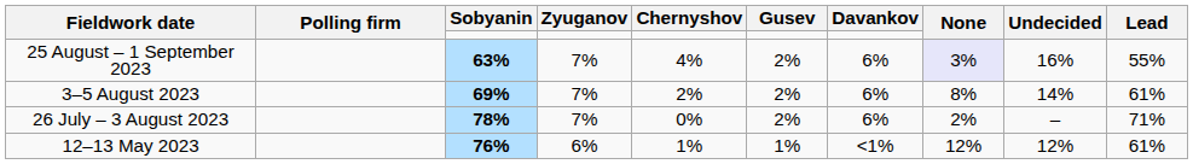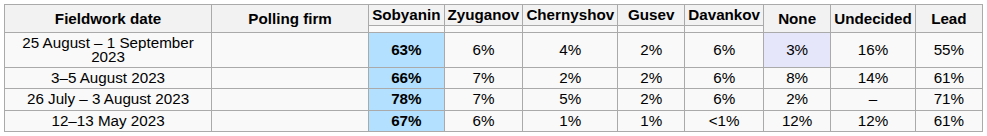 <table class=wikitable style="font-size:95%; line-height:14px; text-align:center">
 <tr>
 <th style=width:200px; rowspan=2>Fieldwork date</th>
 <th style=width:150px; rowspan=2>Polling firm</th>
 <th style="width:60px;">Sobyanin</th>
 <th style="width:60px;">Zyuganov</th>
 <th style="width:60px;">Chernyshov</th>
 <th style="width:60px;">Gusev</th>
 <th style="width:60px;">Davankov</th>
 <th style="width:60px;" rowspan=2>None</th>
 <th style="width:60px;" rowspan=2>Undecided</th>
 <th style="width:60px;" rowspan="2">Lead</th>
 </tr>
 <tr>
 <td bgcolor=></td>
 <td bgcolor=></td>
 <td bgcolor=></td>
 <td bgcolor=></td>
 <td bgcolor=></td>
 </tr>
 <tr>
 <td>25 August – 1 September 2023</td>
 <td></td>
 <td style="background:#B3E0FF"><strong>63%</strong></td>
-<td>7%</td>
+<td>6%</td>
 <td>4%</td>
 <td>2%</td>
 <td>6%</td>
 <td style="background: lavender;">3%</td>
 <td>16%</td>
 <td style="background:">55%</td>
 </tr>
 <tr>
 <td>3–5 August 2023</td>
 <td></td>
-<td style="background:#B3E0FF"><strong>69%</strong></td>
+<td style="background:#B3E0FF"><strong>66%</strong></td>
 <td>7%</td>
 <td>2%</td>
 <td>2%</td>
 <td>6%</td>
 <td>8%</td>
 <td>14%</td>
 <td style="background:">61%</td>
 </tr>
 <tr>
 <td>26 July – 3 August 2023</td>
 <td></td>
 <td style="background:#B3E0FF"><strong>78%</strong></td>
 <td>7%</td>
-<td>0%</td>
+<td>5%</td>
 <td>2%</td>
 <td>6%</td>
 <td>2%</td>
 <td>–</td>
 <td style="background:">71%</td>
 </tr>
 <tr>
 <td>12–13 May 2023</td>
 <td></td>
-<td style="background:#B3E0FF"><strong>76%</strong></td>
+<td style="background:#B3E0FF"><strong>67%</strong></td>
 <td>6%</td>
 <td>1%</td>
 <td>1%</td>
 <td><1%</td>
 <td>12%</td>
 <td>12%</td>
 <td style="background:">61%</td>
 </tr>
 <tr>
 </tr>
 </table>
